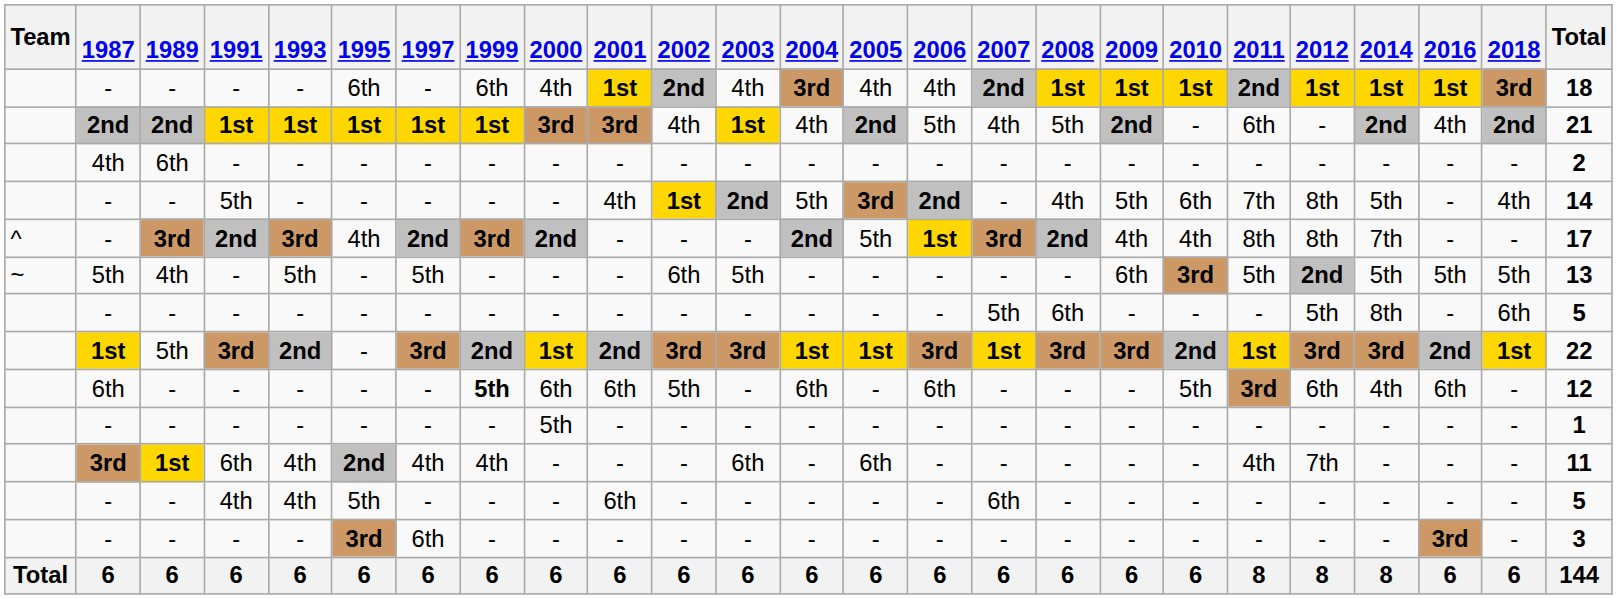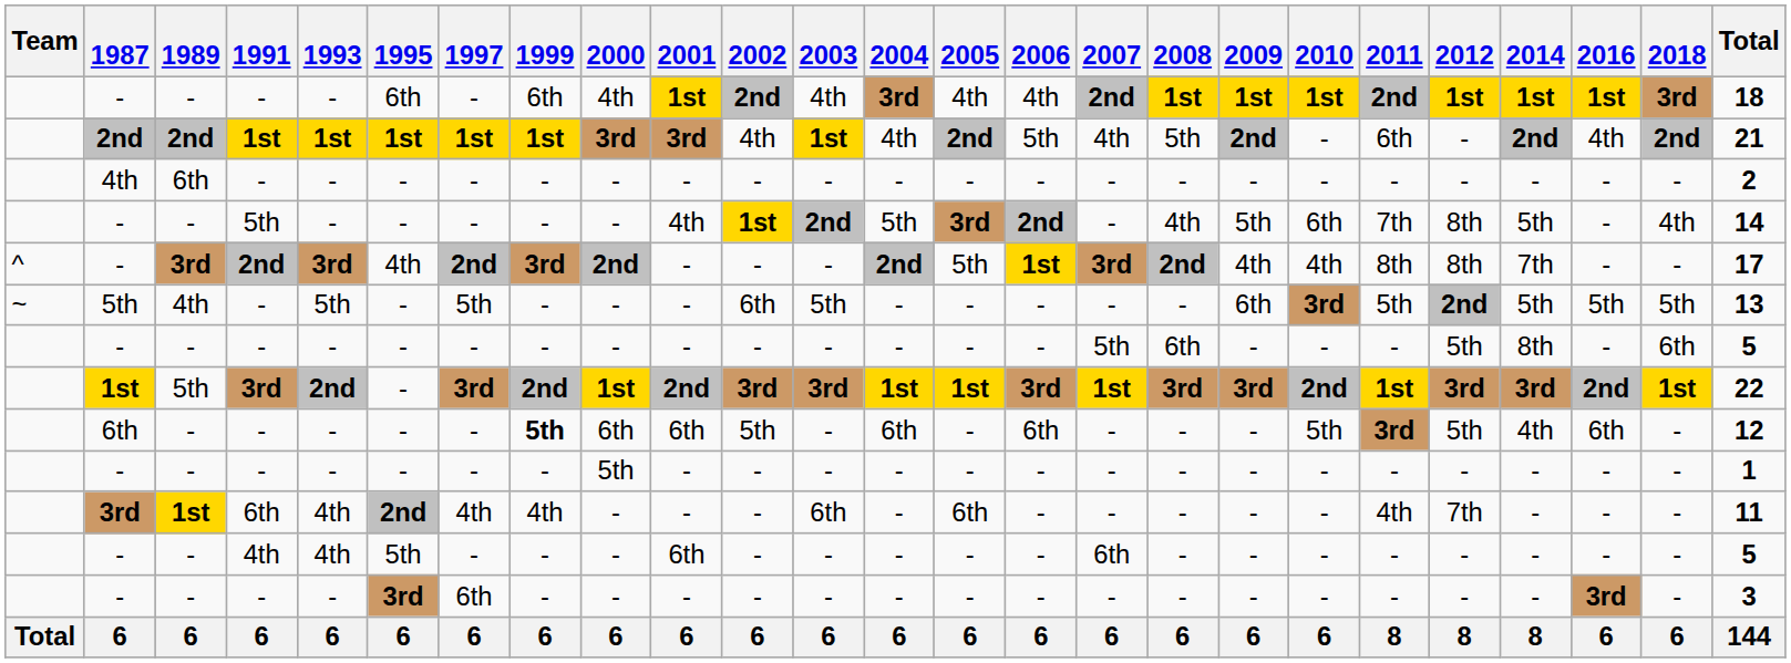 <table class=wikitable style="text-align:center; font-size:90%">
 <tr>
 <th>Team</th>
 <th><br><a href='#'>1987</a></th>
 <th><br><a href='#'>1989</a></th>
 <th><br><a href='#'>1991</a></th>
 <th><br><a href='#'>1993</a></th>
 <th><br><a href='#'>1995</a></th>
 <th><br><a href='#'>1997</a></th>
 <th><br><a href='#'>1999</a></th>
 <th><br><a href='#'>2000</a></th>
 <th><br><a href='#'>2001</a></th>
 <th><br><a href='#'>2002</a></th>
 <th><br><a href='#'>2003</a></th>
 <th><br><a href='#'>2004</a></th>
 <th><br><a href='#'>2005</a></th>
 <th><br><a href='#'>2006</a></th>
 <th><br><a href='#'>2007</a></th>
 <th><br><a href='#'>2008</a></th>
 <th><br><a href='#'>2009</a></th>
 <th><br><a href='#'>2010</a></th>
 <th><br><a href='#'>2011</a></th>
 <th><br><a href='#'>2012</a></th>
 <th><br><a href='#'>2014</a></th>
 <th><br><a href='#'>2016</a></th>
 <th><br><a href='#'>2018</a></th>
 <th>Total</th>
 </tr>
 <tr>
 <td align=left></td>
 <td>-</td>
 <td>-</td>
 <td>-</td>
 <td>-</td>
 <td>6th</td>
 <td>-</td>
 <td>6th</td>
 <td>4th</td>
 <td bgcolor=gold><strong>1st</strong></td>
 <td bgcolor=silver><strong>2nd</strong></td>
 <td>4th</td>
 <td bgcolor=#cc9966><strong>3rd</strong></td>
 <td>4th</td>
 <td>4th</td>
 <td bgcolor=silver><strong>2nd</strong></td>
 <td bgcolor=gold><strong>1st</strong></td>
 <td bgcolor=gold><strong>1st</strong></td>
 <td bgcolor=gold><strong>1st</strong></td>
 <td bgcolor=silver><strong>2nd</strong></td>
 <td bgcolor=gold><strong>1st</strong></td>
 <td bgcolor=gold><strong>1st</strong></td>
 <td bgcolor=gold><strong>1st</strong></td>
 <td bgcolor=#cc9966><strong>3rd</strong></td>
 <td><strong>18</strong></td>
 </tr>
 <tr>
 <td align=left></td>
 <td bgcolor=silver><strong>2nd</strong></td>
 <td bgcolor=silver><strong>2nd</strong></td>
 <td bgcolor=gold><strong>1st</strong></td>
 <td bgcolor=gold><strong>1st</strong></td>
 <td bgcolor=gold><strong>1st</strong></td>
 <td bgcolor=gold><strong>1st</strong></td>
 <td bgcolor=gold><strong>1st</strong></td>
 <td bgcolor=#cc9966><strong>3rd</strong></td>
 <td bgcolor=#cc9966><strong>3rd</strong></td>
 <td>4th</td>
 <td bgcolor=gold><strong>1st</strong></td>
 <td>4th</td>
 <td bgcolor=silver><strong>2nd</strong></td>
 <td>5th</td>
 <td>4th</td>
 <td>5th</td>
 <td bgcolor=silver><strong>2nd</strong></td>
 <td>-</td>
 <td>6th</td>
 <td>-</td>
 <td bgcolor=silver><strong>2nd</strong></td>
 <td>4th</td>
 <td bgcolor=silver><strong>2nd</strong></td>
 <td><strong>21</strong></td>
 </tr>
 <tr>
 <td align=left></td>
 <td>4th</td>
 <td>6th</td>
 <td>-</td>
 <td>-</td>
 <td>-</td>
 <td>-</td>
 <td>-</td>
 <td>-</td>
 <td>-</td>
 <td>-</td>
 <td>-</td>
 <td>-</td>
 <td>-</td>
 <td>-</td>
 <td>-</td>
 <td>-</td>
 <td>-</td>
 <td>-</td>
 <td>-</td>
 <td>-</td>
 <td>-</td>
 <td>-</td>
 <td>-</td>
 <td><strong>2</strong></td>
 </tr>
 <tr>
 <td align=left></td>
 <td>-</td>
 <td>-</td>
 <td>5th</td>
 <td>-</td>
 <td>-</td>
 <td>-</td>
 <td>-</td>
 <td>-</td>
 <td>4th</td>
 <td bgcolor=gold><strong>1st</strong></td>
 <td bgcolor=silver><strong>2nd</strong></td>
 <td>5th</td>
 <td bgcolor=#cc9966><strong>3rd</strong></td>
 <td bgcolor=silver><strong>2nd</strong></td>
 <td>-</td>
 <td>4th</td>
 <td>5th</td>
 <td>6th</td>
 <td>7th</td>
 <td>8th</td>
 <td>5th</td>
 <td>-</td>
 <td>4th</td>
 <td><strong>14</strong></td>
 </tr>
 <tr>
 <td align=left>^</td>
 <td>-</td>
 <td bgcolor=#cc9966><strong>3rd</strong></td>
 <td bgcolor=silver><strong>2nd</strong></td>
 <td bgcolor=#cc9966><strong>3rd</strong></td>
 <td>4th</td>
 <td bgcolor=silver><strong>2nd</strong></td>
 <td bgcolor=#cc9966><strong>3rd</strong></td>
 <td bgcolor=silver><strong>2nd</strong></td>
 <td>-</td>
 <td>-</td>
 <td>-</td>
 <td bgcolor=silver><strong>2nd</strong></td>
 <td>5th</td>
 <td bgcolor=gold><strong>1st</strong></td>
 <td bgcolor=#cc9966><strong>3rd</strong></td>
 <td bgcolor=silver><strong>2nd</strong></td>
 <td>4th</td>
 <td>4th</td>
 <td>8th</td>
 <td>8th</td>
 <td>7th</td>
 <td>-</td>
 <td>-</td>
 <td><strong>17</strong></td>
 </tr>
 <tr>
 <td align=left>~</td>
 <td>5th</td>
 <td>4th</td>
 <td>-</td>
 <td>5th</td>
 <td>-</td>
 <td>5th</td>
 <td>-</td>
 <td>-</td>
 <td>-</td>
 <td>6th</td>
 <td>5th</td>
 <td>-</td>
 <td>-</td>
 <td>-</td>
 <td>-</td>
 <td>-</td>
 <td>6th</td>
 <td bgcolor=#cc9966><strong>3rd</strong></td>
 <td>5th</td>
 <td bgcolor=silver><strong>2nd</strong></td>
 <td>5th</td>
 <td>5th</td>
 <td>5th</td>
 <td><strong>13</strong></td>
 </tr>
 <tr>
 <td align=left></td>
 <td>-</td>
 <td>-</td>
 <td>-</td>
 <td>-</td>
 <td>-</td>
 <td>-</td>
 <td>-</td>
 <td>-</td>
 <td>-</td>
 <td>-</td>
 <td>-</td>
 <td>-</td>
 <td>-</td>
 <td>-</td>
 <td>5th</td>
 <td>6th</td>
 <td>-</td>
 <td>-</td>
 <td>-</td>
 <td>5th</td>
 <td>8th</td>
 <td>-</td>
 <td>6th</td>
 <td><strong>5</strong></td>
 </tr>
 <tr>
 <td align=left></td>
 <td bgcolor=gold><strong>1st</strong></td>
 <td>5th</td>
 <td bgcolor=#cc9966><strong>3rd</strong></td>
 <td bgcolor=silver><strong>2nd</strong></td>
 <td>-</td>
 <td bgcolor=#cc9966><strong>3rd</strong></td>
 <td bgcolor=silver><strong>2nd</strong></td>
 <td bgcolor=gold><strong>1st</strong></td>
 <td bgcolor=silver><strong>2nd</strong></td>
 <td bgcolor=#cc9966><strong>3rd</strong></td>
 <td bgcolor=#cc9966><strong>3rd</strong></td>
 <td bgcolor=gold><strong>1st</strong></td>
 <td bgcolor=gold><strong>1st</strong></td>
 <td bgcolor=#cc9966><strong>3rd</strong></td>
 <td bgcolor=gold><strong>1st</strong></td>
 <td bgcolor=#cc9966><strong>3rd</strong></td>
 <td bgcolor=#cc9966><strong>3rd</strong></td>
 <td bgcolor=silver><strong>2nd</strong></td>
 <td bgcolor=gold><strong>1st</strong></td>
 <td bgcolor=#cc9966><strong>3rd</strong></td>
 <td bgcolor=#cc9966><strong>3rd</strong></td>
 <td bgcolor=silver><strong>2nd</strong></td>
 <td bgcolor=gold><strong>1st</strong></td>
 <td><strong>22</strong></td>
 </tr>
 <tr>
 <td align=left></td>
 <td>6th</td>
 <td>-</td>
 <td>-</td>
 <td>-</td>
 <td>-</td>
 <td>-</td>
 <td><strong>5th</strong></td>
 <td>6th</td>
 <td>6th</td>
 <td>5th</td>
 <td>-</td>
 <td>6th</td>
 <td>-</td>
 <td>6th</td>
 <td>-</td>
 <td>-</td>
 <td>-</td>
 <td>5th</td>
 <td bgcolor=#cc9966><strong>3rd</strong></td>
-<td>6th</td>
+<td>5th</td>
 <td>4th</td>
 <td>6th</td>
 <td>-</td>
 <td><strong>12</strong></td>
 </tr>
 <tr>
 <td align=left></td>
 <td>-</td>
 <td>-</td>
 <td>-</td>
 <td>-</td>
 <td>-</td>
 <td>-</td>
 <td>-</td>
 <td>5th</td>
 <td>-</td>
 <td>-</td>
 <td>-</td>
 <td>-</td>
 <td>-</td>
 <td>-</td>
 <td>-</td>
 <td>-</td>
 <td>-</td>
 <td>-</td>
 <td>-</td>
 <td>-</td>
 <td>-</td>
 <td>-</td>
 <td>-</td>
 <td><strong>1</strong></td>
 </tr>
 <tr>
 <td align=left></td>
 <td bgcolor=#cc9966><strong>3rd</strong></td>
 <td bgcolor=gold><strong>1st</strong></td>
 <td>6th</td>
 <td>4th</td>
 <td bgcolor=silver><strong>2nd</strong></td>
 <td>4th</td>
 <td>4th</td>
 <td>-</td>
 <td>-</td>
 <td>-</td>
 <td>6th</td>
 <td>-</td>
 <td>6th</td>
 <td>-</td>
 <td>-</td>
 <td>-</td>
 <td>-</td>
 <td>-</td>
 <td>4th</td>
 <td>7th</td>
 <td>-</td>
 <td>-</td>
 <td>-</td>
 <td><strong>11</strong></td>
 </tr>
 <tr>
 <td align=left></td>
 <td>-</td>
 <td>-</td>
 <td>4th</td>
 <td>4th</td>
 <td>5th</td>
 <td>-</td>
 <td>-</td>
 <td>-</td>
 <td>6th</td>
 <td>-</td>
 <td>-</td>
 <td>-</td>
 <td>-</td>
 <td>-</td>
 <td>6th</td>
 <td>-</td>
 <td>-</td>
 <td>-</td>
 <td>-</td>
 <td>-</td>
 <td>-</td>
 <td>-</td>
 <td>-</td>
 <td><strong>5</strong></td>
 </tr>
 <tr>
 <td align=left></td>
 <td>-</td>
 <td>-</td>
 <td>-</td>
 <td>-</td>
 <td bgcolor=#cc9966><strong>3rd</strong></td>
 <td>6th</td>
 <td>-</td>
 <td>-</td>
 <td>-</td>
 <td>-</td>
 <td>-</td>
 <td>-</td>
 <td>-</td>
 <td>-</td>
 <td>-</td>
 <td>-</td>
 <td>-</td>
 <td>-</td>
 <td>-</td>
 <td>-</td>
 <td>-</td>
 <td bgcolor=#cc9966><strong>3rd</strong></td>
 <td>-</td>
 <td><strong>3</strong></td>
 </tr>
 <tr>
 <th>Total</th>
 <th>6</th>
 <th>6</th>
 <th>6</th>
 <th>6</th>
 <th>6</th>
 <th>6</th>
 <th>6</th>
 <th>6</th>
 <th>6</th>
 <th>6</th>
 <th>6</th>
 <th>6</th>
 <th>6</th>
 <th>6</th>
 <th>6</th>
 <th>6</th>
 <th>6</th>
 <th>6</th>
 <th>8</th>
 <th>8</th>
 <th>8</th>
 <th>6</th>
 <th>6</th>
 <th>144</th>
 </tr>
 </table>
